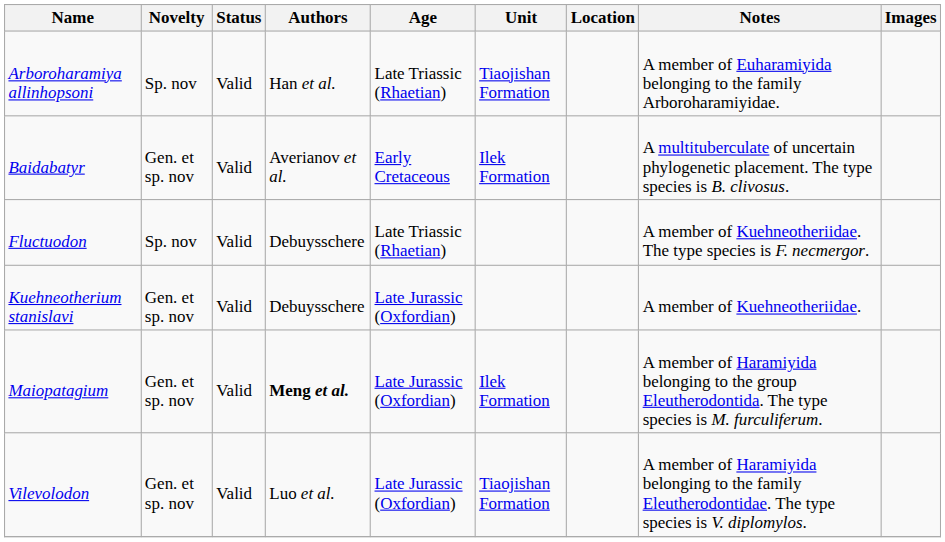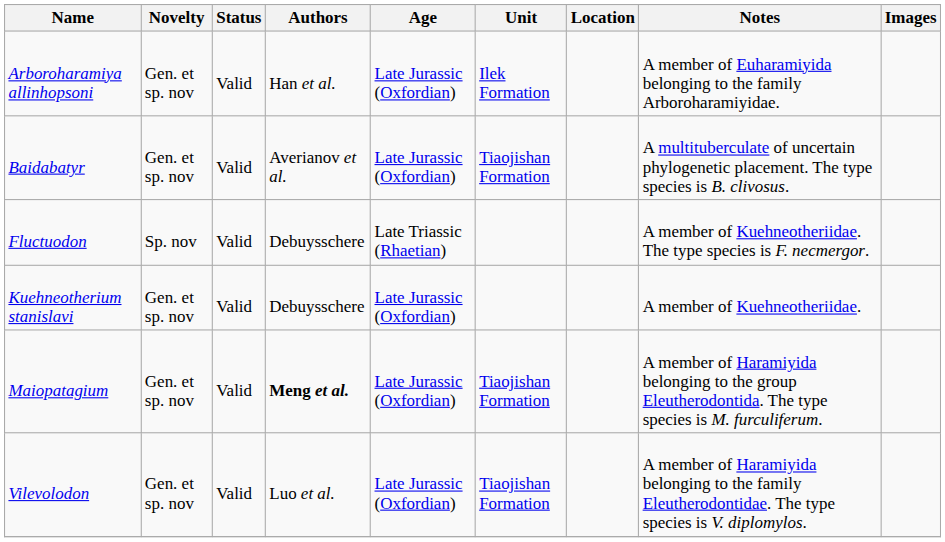 <table class="wikitable sortable" align="center" width="100%">
 <tr>
 <th>Name</th>
 <th>Novelty</th>
 <th>Status</th>
 <th>Authors</th>
 <th>Age</th>
 <th>Unit</th>
 <th>Location</th>
 <th>Notes</th>
 <th>Images</th>
 </tr>
 <tr>
 <td><br><em><a href='#'>Arboroharamiya allinhopsoni</a></em></td>
-<td><br>Sp. nov</td>
+<td><br>Gen. et sp. nov</td>
 <td><br>Valid</td>
 <td><br>Han <em>et al.</em></td>
-<td><br>Late Triassic (<a href='#'>Rhaetian</a>)</td>
-<td><br><a href='#'>Tiaojishan Formation</a></td>
+<td><br><a href='#'>Late Jurassic</a> (<a href='#'>Oxfordian</a>)</td>
+<td><br><a href='#'>Ilek Formation</a></td>
 <td><br></td>
 <td><br>A member of <a href='#'>Euharamiyida</a> belonging to the family Arboroharamiyidae.</td>
 <td></td>
 </tr>
 <tr>
 <td><br><em><a href='#'>Baidabatyr</a></em></td>
 <td><br>Gen. et sp. nov</td>
 <td><br>Valid</td>
 <td><br>Averianov <em>et al.</em></td>
-<td><br><a href='#'>Early Cretaceous</a></td>
-<td><br><a href='#'>Ilek Formation</a></td>
+<td><br><a href='#'>Late Jurassic</a> (<a href='#'>Oxfordian</a>)</td>
+<td><br><a href='#'>Tiaojishan Formation</a></td>
 <td><br></td>
 <td><br>A <a href='#'>multituberculate</a> of uncertain phylogenetic placement. The type species is <em>B. clivosus</em>.</td>
 <td></td>
 </tr>
 <tr>
 <td><br><em><a href='#'>Fluctuodon</a></em></td>
 <td><br>Sp. nov</td>
 <td><br>Valid</td>
 <td><br>Debuysschere</td>
 <td><br>Late Triassic (<a href='#'>Rhaetian</a>)</td>
 <td></td>
 <td><br></td>
 <td><br>A member of <a href='#'>Kuehneotheriidae</a>. The type species is <em>F. necmergor</em>.</td>
 <td></td>
 </tr>
 <tr>
 <td><br><em><a href='#'>Kuehneotherium stanislavi</a></em></td>
 <td><br>Gen. et sp. nov</td>
 <td><br>Valid</td>
 <td><br>Debuysschere</td>
 <td><br><a href='#'>Late Jurassic</a> (<a href='#'>Oxfordian</a>)</td>
 <td></td>
 <td><br><br> </td>
 <td><br>A member of <a href='#'>Kuehneotheriidae</a>.</td>
 <td></td>
 </tr>
 <tr>
 <td><br><em><a href='#'>Maiopatagium</a></em></td>
 <td><br>Gen. et sp. nov</td>
 <td><br>Valid</td>
 <td><strong><br>Meng <em>et al.</em></strong></td>
 <td><br><a href='#'>Late Jurassic</a> (<a href='#'>Oxfordian</a>)</td>
-<td><br><a href='#'>Ilek Formation</a></td>
+<td><br><a href='#'>Tiaojishan Formation</a></td>
 <td><br></td>
 <td><br>A member of <a href='#'>Haramiyida</a> belonging to the group <a href='#'>Eleutherodontida</a>. The type species is <em>M. furculiferum</em>.</td>
 <td></td>
 </tr>
 <tr>
 <td><br><em><a href='#'>Vilevolodon</a></em></td>
 <td><br>Gen. et sp. nov</td>
 <td><br>Valid</td>
 <td><br>Luo <em>et al.</em></td>
 <td><br><a href='#'>Late Jurassic</a> (<a href='#'>Oxfordian</a>)</td>
 <td><br><a href='#'>Tiaojishan Formation</a></td>
 <td><br></td>
 <td><br>A member of <a href='#'>Haramiyida</a> belonging to the family <a href='#'>Eleutherodontidae</a>. The type species is <em>V. diplomylos</em>.</td>
 <td></td>
 </tr>
 <tr>
 </tr>
 </table>
